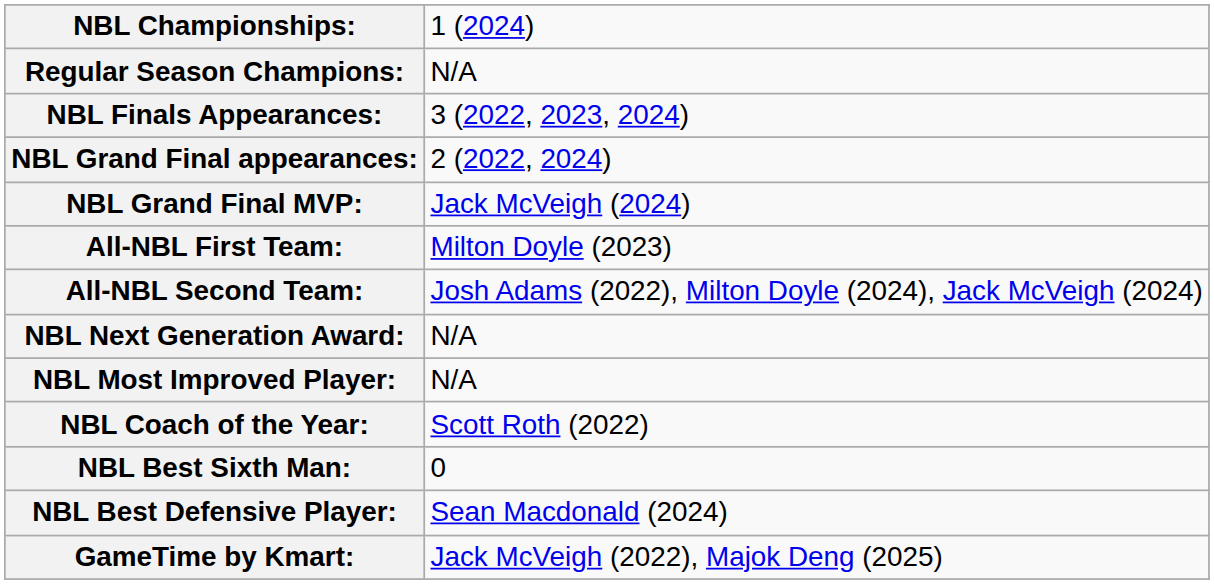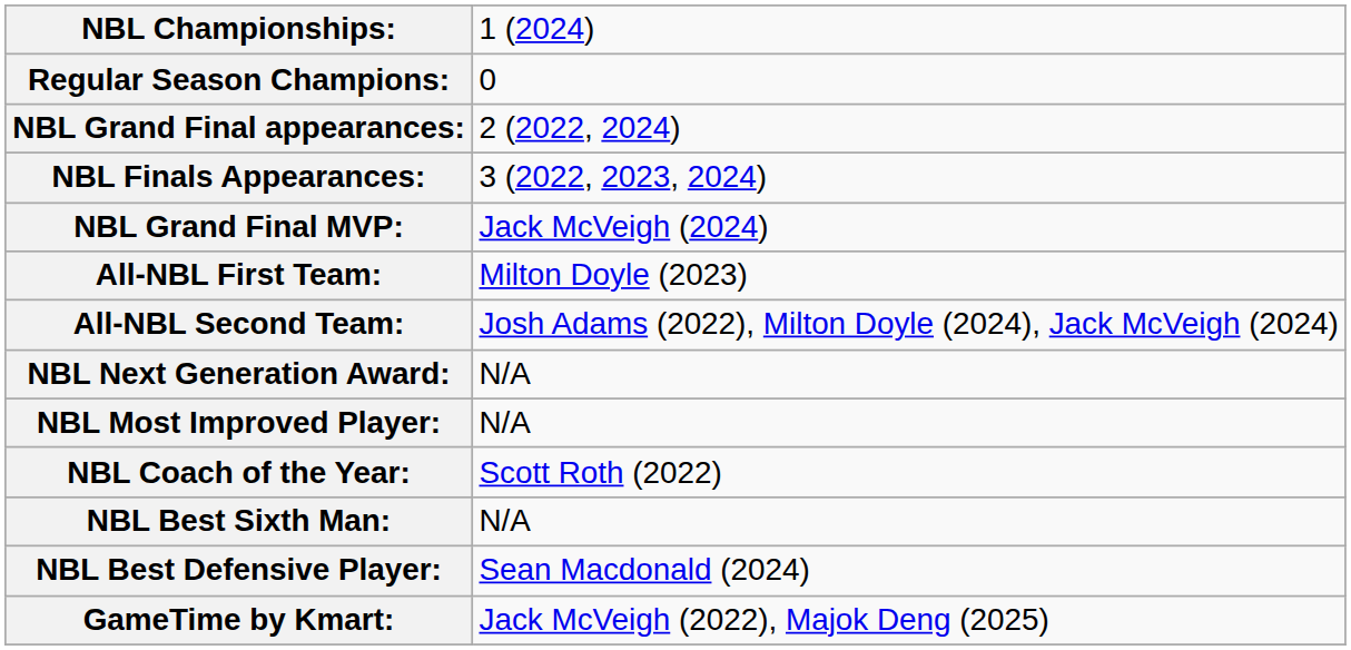 <table class="wikitable">
 <tr align=left>
 <th>NBL Championships:</th>
 <td>1 (<a href='#'>2024</a>)</td>
 </tr>
 <tr>
 <th>Regular Season Champions:</th>
-<td>N/A</td>
+<td>0</td>
+</tr>
+<tr>
+<th>NBL Grand Final appearances:</th>
+<td>2 (<a href='#'>2022</a>, <a href='#'>2024</a>)</td>
 </tr>
 <tr>
 <th>NBL Finals Appearances:</th>
 <td>3 (<a href='#'>2022</a>, <a href='#'>2023</a>, <a href='#'>2024</a>)</td>
-</tr>
-<tr>
-<th>NBL Grand Final appearances:</th>
-<td>2 (<a href='#'>2022</a>, <a href='#'>2024</a>)</td>
 </tr>
 <tr>
 <th>NBL Grand Final MVP:</th>
 <td><a href='#'>Jack McVeigh</a> (<a href='#'>2024</a>)</td>
 </tr>
 <tr>
 <th>All-NBL First Team:</th>
 <td><a href='#'>Milton Doyle</a> (2023)</td>
 </tr>
 <tr>
 <th>All-NBL Second Team:</th>
 <td><a href='#'>Josh Adams</a> (2022), <a href='#'>Milton Doyle</a> (2024), <a href='#'>Jack McVeigh</a> (2024)</td>
 </tr>
 <tr>
 <th>NBL Next Generation Award:</th>
 <td>N/A</td>
 </tr>
 <tr>
 <th>NBL Most Improved Player:</th>
 <td>N/A</td>
 </tr>
 <tr>
 <th>NBL Coach of the Year:</th>
 <td><a href='#'>Scott Roth</a> (2022)</td>
 </tr>
 <tr>
 <th>NBL Best Sixth Man:</th>
-<td>0</td>
+<td>N/A</td>
 </tr>
 <tr>
 <th>NBL Best Defensive Player:</th>
 <td><a href='#'>Sean Macdonald</a> (2024)</td>
 </tr>
 <tr>
 <th>GameTime by Kmart:</th>
 <td><a href='#'>Jack McVeigh</a> (2022), <a href='#'>Majok Deng</a> (2025)</td>
 </tr>
 </table>
